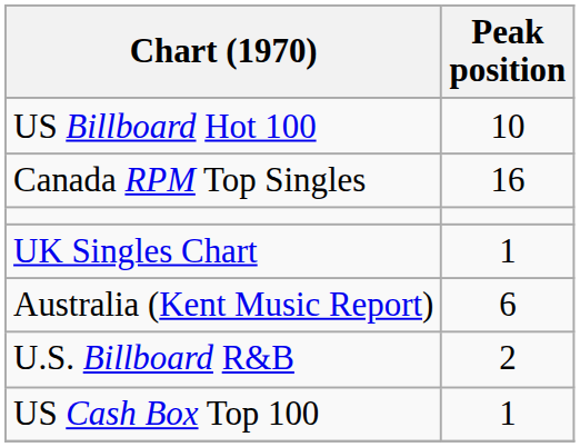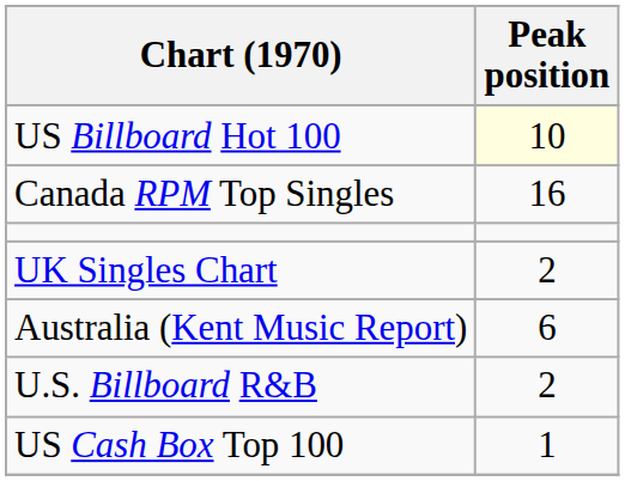 <table class="wikitable sortable">
 <tr>
 <th>Chart (1970)</th>
 <th>Peak<br>position</th>
 </tr>
 <tr>
 <td>US <em><a href='#'>Billboard</a></em> <a href='#'>Hot 100</a></td>
-<td style="text-align:center;">10</td>
+<td style="background: lightyellow; text-align:center;">10</td>
 </tr>
 <tr>
 <td>Canada <em><a href='#'>RPM</a></em> Top Singles</td>
 <td style="text-align:center;">16</td>
 </tr>
 <tr>
 <td></td>
 </tr>
 <tr>
 <td><a href='#'>UK Singles Chart</a></td>
-<td style="text-align:center;">1</td>
+<td style="text-align:center;">2</td>
 </tr>
 <tr>
 <td>Australia (<a href='#'>Kent Music Report</a>)</td>
 <td style="text-align:center;">6</td>
 </tr>
 <tr>
 <td>U.S. <em><a href='#'>Billboard</a></em> <a href='#'>R&B</a></td>
 <td style="text-align:center;">2</td>
 </tr>
 <tr>
 <td>US <a href='#'><em>Cash Box</em></a> Top 100</td>
 <td align="center">1</td>
 </tr>
 <tr>
 </tr>
 </table>
